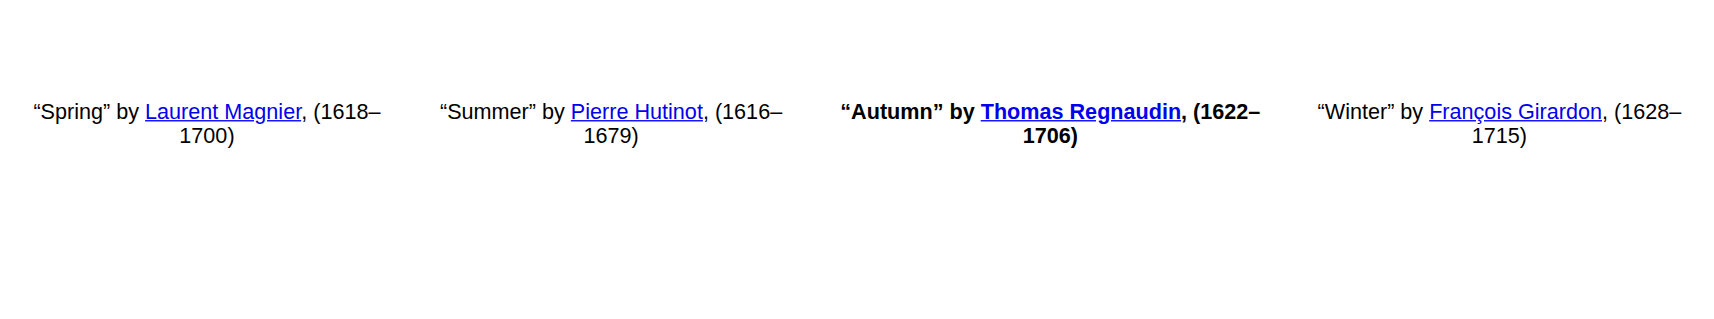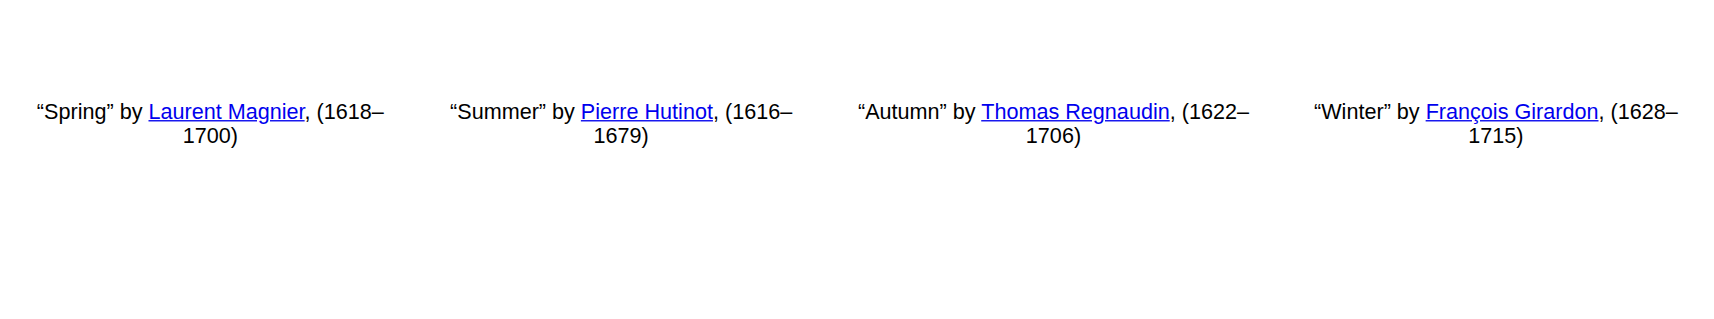 <table style="background:white; color:black" border="0" height="230" align="center" valign="bottom" cellpadding=10px cellspacing=0px>
 <tr align="center">
 <td></td>
 <td></td>
 <td></td>
 <td></td>
 </tr>
 <tr align="center" valign="top">
 <td width=“200”>“Spring” by <a href='#'>Laurent Magnier</a>, (1618–1700)</td>
 <td width=“200”>“Summer” by <a href='#'>Pierre Hutinot</a>, (1616–1679)</td>
-<td width=“200”><strong>“Autumn” by <a href='#'>Thomas Regnaudin</a>, (1622–1706)</strong></td>
+<td width=“200”>“Autumn” by <a href='#'>Thomas Regnaudin</a>, (1622–1706)</td>
 <td width=“200”>“Winter” by <a href='#'>François Girardon</a>, (1628–1715)</td>
 </tr>
 </table>
